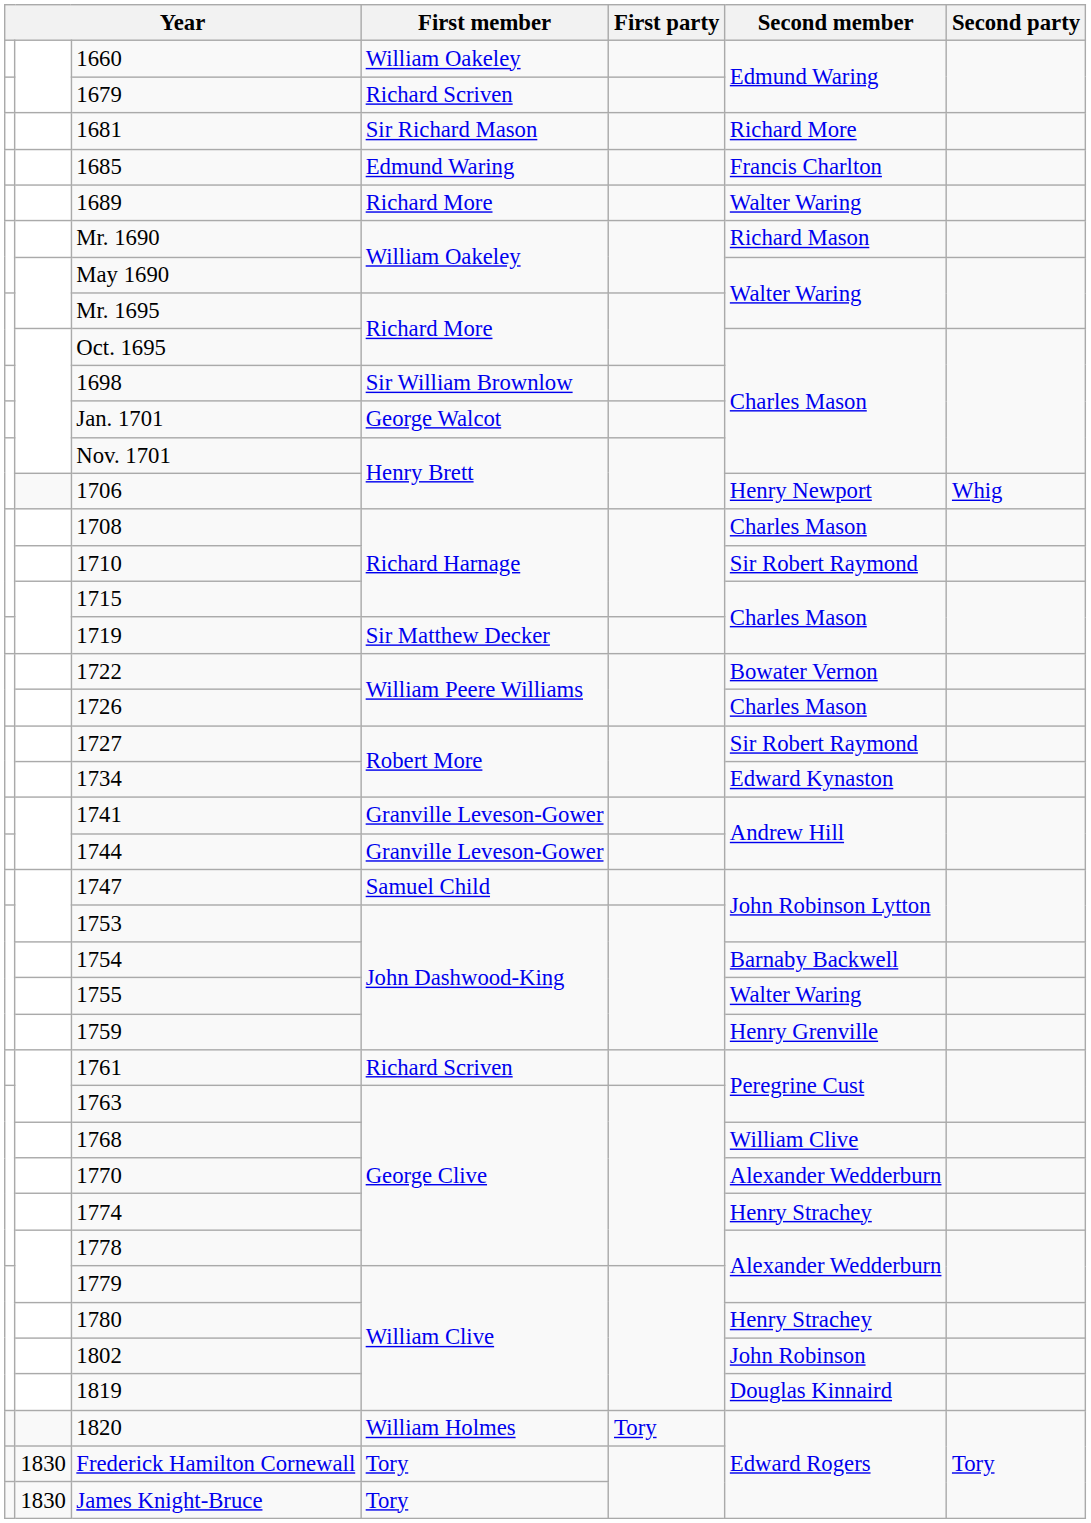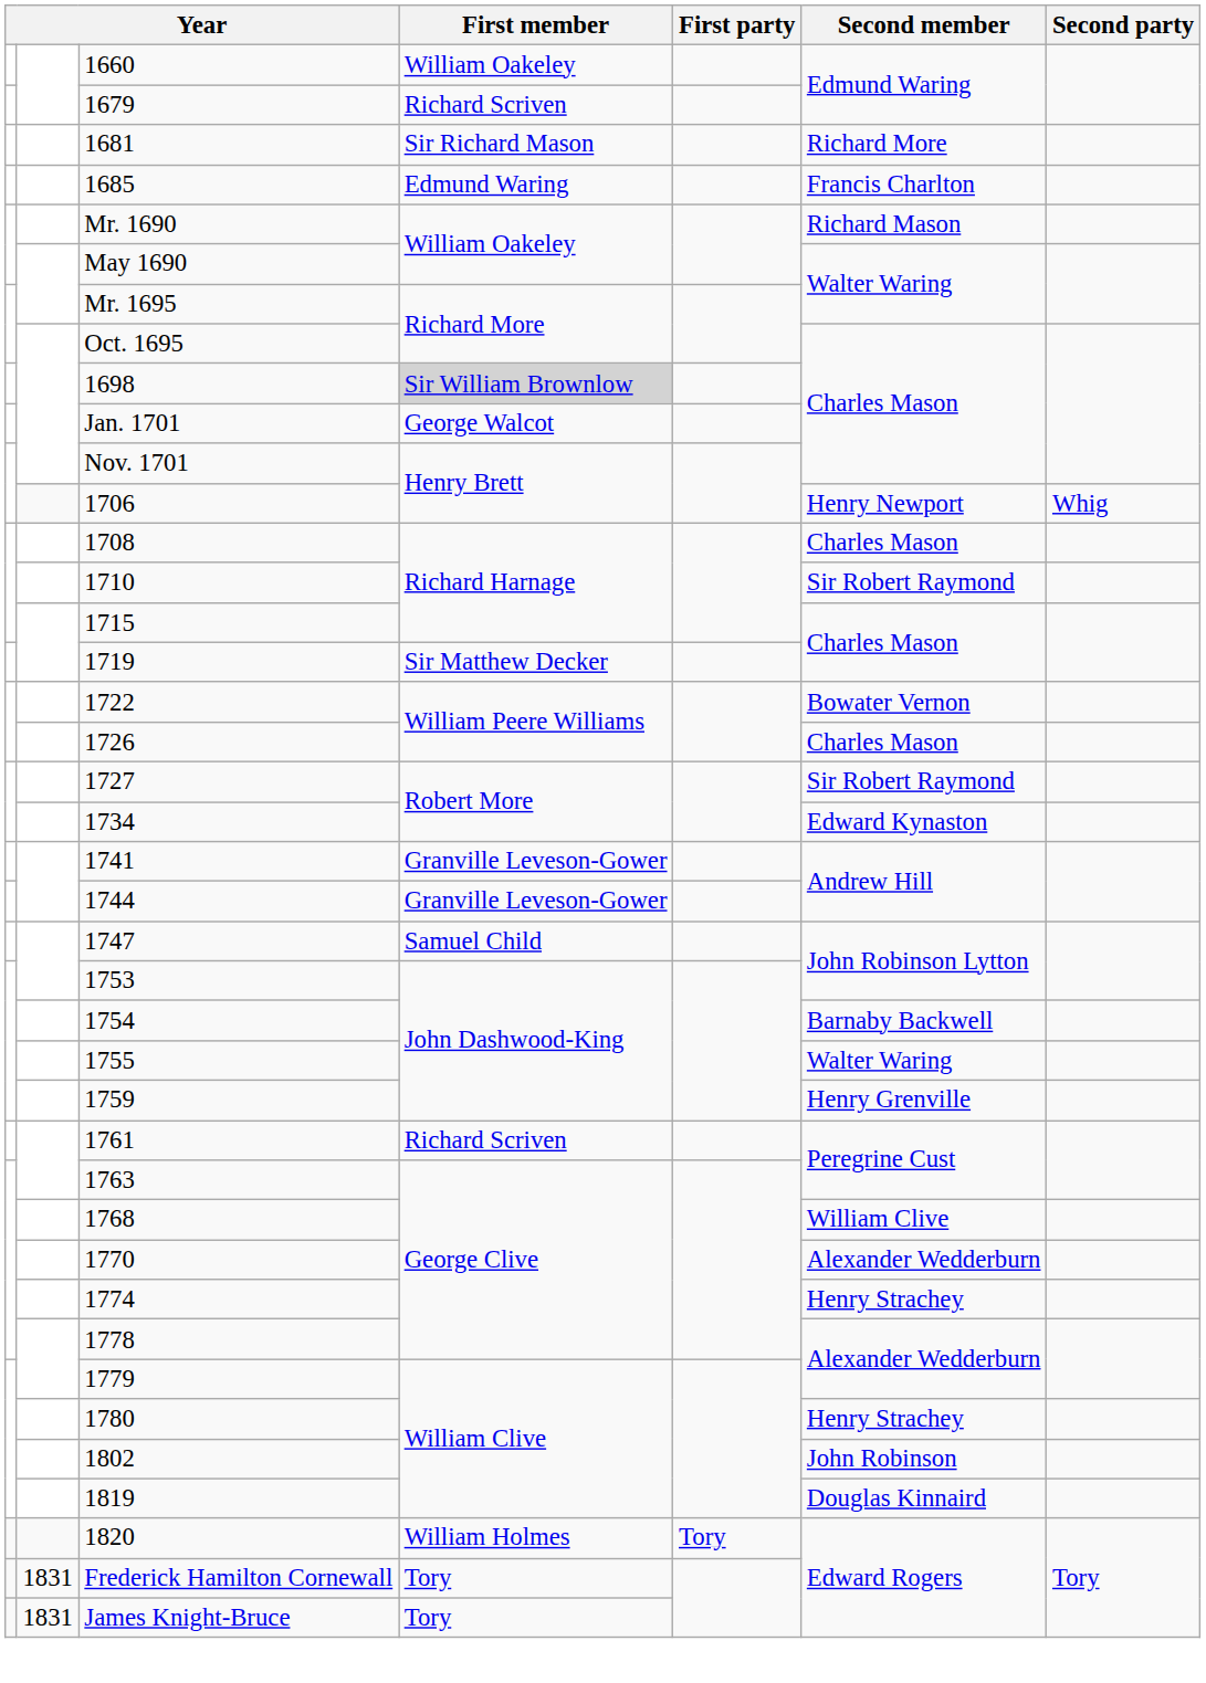 <table class="wikitable">
 <tr>
 <th colspan="3">Year</th>
 <th>First member</th>
 <th>First party</th>
 <th>Second member</th>
 <th>Second party</th>
 </tr>
 <tr>
 <td style="color:inherit;background-color: white"></td>
 <td style="color:inherit;background-color: white" rowspan="2"></td>
 <td>1660</td>
 <td><a href='#'>William Oakeley</a></td>
 <td></td>
 <td rowspan="2"><a href='#'>Edmund Waring</a></td>
 <td rowspan="2"></td>
 </tr>
 <tr>
 <td style="color:inherit;background-color: white"></td>
 <td>1679</td>
 <td><a href='#'>Richard Scriven</a></td>
 <td></td>
 </tr>
 <tr>
 <td style="color:inherit;background-color: white"></td>
 <td style="color:inherit;background-color: white"></td>
 <td>1681</td>
 <td><a href='#'>Sir Richard Mason</a></td>
 <td></td>
 <td><a href='#'>Richard More</a></td>
 <td></td>
 </tr>
 <tr>
 <td style="color:inherit;background-color: white"></td>
 <td style="color:inherit;background-color: white"></td>
 <td>1685</td>
 <td><a href='#'>Edmund Waring</a></td>
 <td></td>
 <td><a href='#'>Francis Charlton</a></td>
 <td></td>
 </tr>
 <tr>
-<td style="color:inherit;background-color: white"></td>
-<td style="color:inherit;background-color: white"></td>
-<td>1689</td>
-<td><a href='#'>Richard More</a></td>
-<td></td>
-<td><a href='#'>Walter Waring</a></td>
-<td></td>
-</tr>
-<tr>
 <td style="color:inherit;background-color: white" rowspan="2"></td>
 <td style="color:inherit;background-color: white"></td>
 <td>Mr. 1690</td>
 <td rowspan="2"><a href='#'>William Oakeley</a></td>
 <td rowspan="2"></td>
 <td><a href='#'>Richard Mason</a></td>
 <td></td>
 </tr>
 <tr>
 <td style="color:inherit;background-color: white" rowspan="2"></td>
 <td>May 1690</td>
 <td rowspan="2"><a href='#'>Walter Waring</a></td>
 <td rowspan="2"></td>
 </tr>
 <tr>
 <td style="color:inherit;background-color: white" rowspan="2"></td>
 <td>Mr. 1695</td>
 <td rowspan="2"><a href='#'>Richard More</a></td>
 <td rowspan="2"></td>
 </tr>
 <tr>
 <td style="color:inherit;background-color: white" rowspan="4"></td>
 <td>Oct. 1695</td>
 <td rowspan="4"><a href='#'>Charles Mason</a></td>
 <td rowspan="4"></td>
 </tr>
 <tr>
 <td style="color:inherit;background-color: white"></td>
 <td>1698</td>
-<td><a href='#'>Sir William Brownlow</a></td>
+<td style="background: lightgrey;"><a href='#'>Sir William Brownlow</a></td>
 <td></td>
 </tr>
 <tr>
 <td style="color:inherit;background-color: white"></td>
 <td>Jan. 1701</td>
 <td><a href='#'>George Walcot</a></td>
 <td></td>
 </tr>
 <tr>
 <td style="color:inherit;background-color: white" rowspan="2"></td>
 <td>Nov. 1701</td>
 <td rowspan="2"><a href='#'>Henry Brett</a></td>
 <td rowspan="2"></td>
 </tr>
 <tr>
 <td style="color:inherit;background-color: "></td>
 <td>1706</td>
 <td><a href='#'>Henry Newport</a></td>
 <td><a href='#'>Whig</a></td>
 </tr>
 <tr>
 <td style="color:inherit;background-color: white" rowspan="3"></td>
 <td style="color:inherit;background-color: white"></td>
 <td>1708</td>
 <td rowspan="3"><a href='#'>Richard Harnage</a></td>
 <td rowspan="3"></td>
 <td><a href='#'>Charles Mason</a></td>
 <td></td>
 </tr>
 <tr>
 <td style="color:inherit;background-color: white"></td>
 <td>1710</td>
 <td><a href='#'>Sir Robert Raymond</a></td>
 <td></td>
 </tr>
 <tr>
 <td style="color:inherit;background-color: white" rowspan="2"></td>
 <td>1715</td>
 <td rowspan="2"><a href='#'>Charles Mason</a></td>
 <td rowspan="2"></td>
 </tr>
 <tr>
 <td style="color:inherit;background-color: white"></td>
 <td>1719</td>
 <td><a href='#'>Sir Matthew Decker</a></td>
 <td></td>
 </tr>
 <tr>
 <td style="color:inherit;background-color: white" rowspan="2"></td>
 <td style="color:inherit;background-color: white"></td>
 <td>1722</td>
 <td rowspan="2"><a href='#'>William Peere Williams</a></td>
 <td rowspan="2"></td>
 <td><a href='#'>Bowater Vernon</a></td>
 <td></td>
 </tr>
 <tr>
 <td style="color:inherit;background-color: white"></td>
 <td>1726</td>
 <td><a href='#'>Charles Mason</a></td>
 <td></td>
 </tr>
 <tr>
 <td style="color:inherit;background-color: white" rowspan="2"></td>
 <td style="color:inherit;background-color: white"></td>
 <td>1727</td>
 <td rowspan="2"><a href='#'>Robert More</a></td>
 <td rowspan="2"></td>
 <td><a href='#'>Sir Robert Raymond</a></td>
 <td></td>
 </tr>
 <tr>
 <td style="color:inherit;background-color: white"></td>
 <td>1734</td>
 <td><a href='#'>Edward Kynaston</a></td>
 <td></td>
 </tr>
 <tr>
 <td style="color:inherit;background-color: white"></td>
 <td style="color:inherit;background-color: white" rowspan="2"></td>
 <td>1741</td>
 <td><a href='#'>Granville Leveson-Gower</a></td>
 <td></td>
 <td rowspan="2"><a href='#'>Andrew Hill</a></td>
 <td rowspan="2"></td>
 </tr>
 <tr>
 <td style="color:inherit;background-color: white"></td>
 <td>1744</td>
 <td><a href='#'>Granville Leveson-Gower</a></td>
 <td></td>
 </tr>
 <tr>
 <td style="color:inherit;background-color: white"></td>
 <td style="color:inherit;background-color: white" rowspan="2"></td>
 <td>1747</td>
 <td><a href='#'>Samuel Child</a></td>
 <td></td>
 <td rowspan="2"><a href='#'>John Robinson Lytton</a></td>
 <td rowspan="2"></td>
 </tr>
 <tr>
 <td style="color:inherit;background-color: white" rowspan="4"></td>
 <td>1753</td>
 <td rowspan="4"><a href='#'>John Dashwood-King</a></td>
 <td rowspan="4"></td>
 </tr>
 <tr>
 <td style="color:inherit;background-color: white"></td>
 <td>1754</td>
 <td><a href='#'>Barnaby Backwell</a></td>
 <td></td>
 </tr>
 <tr>
 <td style="color:inherit;background-color: white"></td>
 <td>1755</td>
 <td><a href='#'>Walter Waring</a></td>
 <td></td>
 </tr>
 <tr>
 <td style="color:inherit;background-color: white"></td>
 <td>1759</td>
 <td><a href='#'>Henry Grenville</a></td>
 <td></td>
 </tr>
 <tr>
 <td style="color:inherit;background-color: white"></td>
 <td style="color:inherit;background-color: white" rowspan="2"></td>
 <td>1761</td>
 <td><a href='#'>Richard Scriven</a></td>
 <td></td>
 <td rowspan="2"><a href='#'>Peregrine Cust</a></td>
 <td rowspan="2"></td>
 </tr>
 <tr>
 <td style="color:inherit;background-color: white" rowspan="5"></td>
 <td>1763</td>
 <td rowspan="5"><a href='#'>George Clive</a></td>
 <td rowspan="5"></td>
 </tr>
 <tr>
 <td style="color:inherit;background-color: white"></td>
 <td>1768</td>
 <td><a href='#'>William Clive</a></td>
 <td></td>
 </tr>
 <tr>
 <td style="color:inherit;background-color: white"></td>
 <td>1770</td>
 <td><a href='#'>Alexander Wedderburn</a></td>
 <td></td>
 </tr>
 <tr>
 <td style="color:inherit;background-color: white"></td>
 <td>1774</td>
 <td><a href='#'>Henry Strachey</a></td>
 <td></td>
 </tr>
 <tr>
 <td style="color:inherit;background-color: white" rowspan="2"></td>
 <td>1778</td>
 <td rowspan="2"><a href='#'>Alexander Wedderburn</a></td>
 <td rowspan="2"></td>
 </tr>
 <tr>
 <td style="color:inherit;background-color: white" rowspan="4"></td>
 <td>1779</td>
 <td rowspan="4"><a href='#'>William Clive</a></td>
 <td rowspan="4"></td>
 </tr>
 <tr>
 <td style="color:inherit;background-color: white"></td>
 <td>1780</td>
 <td><a href='#'>Henry Strachey</a></td>
 <td></td>
 </tr>
 <tr>
 <td style="color:inherit;background-color: white"></td>
 <td>1802</td>
 <td><a href='#'>John Robinson</a></td>
 <td></td>
 </tr>
 <tr>
 <td style="color:inherit;background-color: white"></td>
 <td>1819</td>
 <td><a href='#'>Douglas Kinnaird</a></td>
 <td></td>
 </tr>
 <tr>
 <td style="color:inherit;background-color: "></td>
 <td style="color:inherit;background-color: "></td>
 <td>1820</td>
 <td><a href='#'>William Holmes</a></td>
 <td><a href='#'>Tory</a></td>
 <td rowspan="3"><a href='#'>Edward Rogers</a></td>
 <td rowspan="3"><a href='#'>Tory</a></td>
 </tr>
 <tr>
 <td style="color:inherit;background-color: "></td>
-<td>1830</td>
+<td>1831</td>
 <td><a href='#'>Frederick Hamilton Cornewall</a></td>
 <td><a href='#'>Tory</a></td>
 </tr>
 <tr>
 <td style="color:inherit;background-color: "></td>
-<td>1830</td>
+<td>1831</td>
 <td><a href='#'>James Knight-Bruce</a></td>
 <td><a href='#'>Tory</a></td>
 </tr>
 </table>
